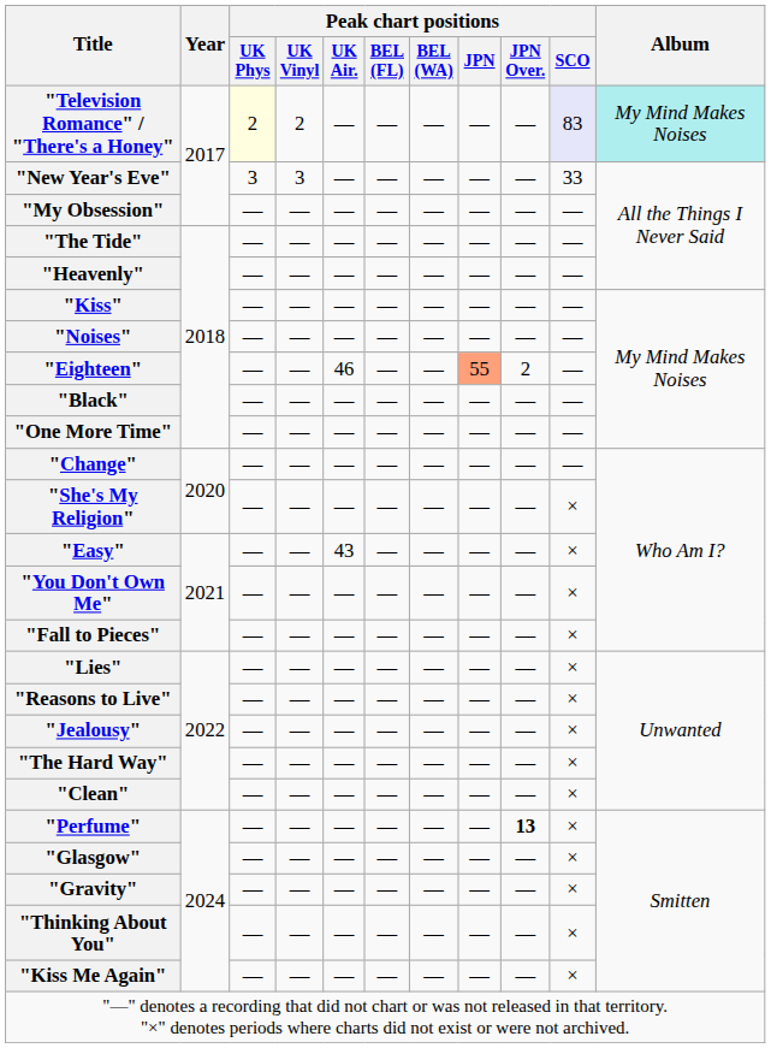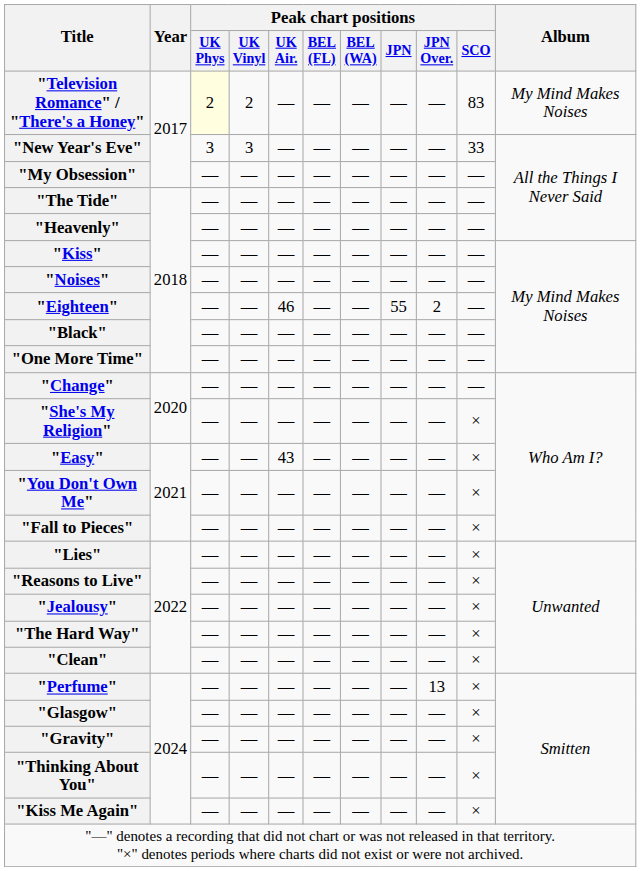 <table class="wikitable plainrowheaders" style="text-align:center">
 <tr>
 <th scope="col" rowspan="2" style="width:14em;">Title</th>
 <th scope="col" rowspan="2">Year</th>
 <th scope="col" colspan="8">Peak chart positions</th>
 <th scope="col" rowspan="2" style="width:15em;">Album</th>
 </tr>
 <tr>
 <th scope="col" style="width:2.5em;font-size:85%;"><a href='#'>UK<br>Phys</a><br></th>
 <th scope="col" style="width:2.5em;font-size:85%;"><a href='#'>UK<br>Vinyl</a><br></th>
 <th scope="col" style="width:2.5em;font-size:85%;"><a href='#'>UK<br>Air.</a><br></th>
 <th scope="col" style="width:2.5em;font-size:85%;"><a href='#'>BEL<br>(FL)</a><br></th>
 <th scope="col" style="width:2.5em;font-size:85%;"><a href='#'>BEL<br>(WA)</a><br></th>
 <th scope="col" style="width:2.5em;font-size:85%;"><a href='#'>JPN</a><br></th>
 <th scope="col" style="width:2.5em;font-size:85%;"><a href='#'>JPN<br>Over.</a><br></th>
 <th scope="col" style="width:2.5em;font-size:85%;"><a href='#'>SCO</a><br></th>
 </tr>
 <tr>
 <th scope="row">"<a href='#'>Television Romance</a>" / "<a href='#'>There's a Honey</a>"</th>
 <td rowspan="3">2017</td>
 <td style="background: lightyellow;">2</td>
 <td>2</td>
 <td>—</td>
 <td>—</td>
 <td>—</td>
 <td>—</td>
 <td>—</td>
-<td style="background: lavender;">83</td>
-<td rowspan="1" style="background: paleturquoise;"><em>My Mind Makes Noises</em></td>
+<td>83</td>
+<td rowspan="1"><em>My Mind Makes Noises</em></td>
 </tr>
 <tr>
 <th scope="row">"New Year's Eve"</th>
 <td>3</td>
 <td>3</td>
 <td>—</td>
 <td>—</td>
 <td>—</td>
 <td>—</td>
 <td>—</td>
 <td>33</td>
 <td rowspan="4"><em>All the Things I Never Said</em></td>
 </tr>
 <tr>
 <th scope="row">"My Obsession"</th>
 <td>—</td>
 <td>—</td>
 <td>—</td>
 <td>—</td>
 <td>—</td>
 <td>—</td>
 <td>—</td>
 <td>—</td>
 </tr>
 <tr>
 <th scope="row">"The Tide"</th>
 <td rowspan="7">2018</td>
 <td>—</td>
 <td>—</td>
 <td>—</td>
 <td>—</td>
 <td>—</td>
 <td>—</td>
 <td>—</td>
 <td>—</td>
 </tr>
 <tr>
 <th scope="row">"Heavenly"</th>
 <td>—</td>
 <td>—</td>
 <td>—</td>
 <td>—</td>
 <td>—</td>
 <td>—</td>
 <td>—</td>
 <td>—</td>
 </tr>
 <tr>
 <th scope="row">"<a href='#'>Kiss</a>"</th>
 <td>—</td>
 <td>—</td>
 <td>—</td>
 <td>—</td>
 <td>—</td>
 <td>—</td>
 <td>—</td>
 <td>—</td>
 <td rowspan="5"><em>My Mind Makes Noises</em></td>
 </tr>
 <tr>
 <th scope="row">"<a href='#'>Noises</a>"</th>
 <td>—</td>
 <td>—</td>
 <td>—</td>
 <td>—</td>
 <td>—</td>
 <td>—</td>
 <td>—</td>
 <td>—</td>
 </tr>
 <tr>
 <th scope="row">"<a href='#'>Eighteen</a>"</th>
 <td>—</td>
 <td>—</td>
 <td>46</td>
 <td>—</td>
 <td>—</td>
-<td style="background: lightsalmon;">55</td>
+<td>55</td>
 <td>2</td>
 <td>—</td>
 </tr>
 <tr>
 <th scope="row">"Black"</th>
 <td>—</td>
 <td>—</td>
 <td>—</td>
 <td>—</td>
 <td>—</td>
 <td>—</td>
 <td>—</td>
 <td>—</td>
 </tr>
 <tr>
 <th scope="row">"One More Time"</th>
 <td>—</td>
 <td>—</td>
 <td>—</td>
 <td>—</td>
 <td>—</td>
 <td>—</td>
 <td>—</td>
 <td>—</td>
 </tr>
 <tr>
 <th scope="row">"<a href='#'>Change</a>"</th>
 <td rowspan="2">2020</td>
 <td>—</td>
 <td>—</td>
 <td>—</td>
 <td>—</td>
 <td>—</td>
 <td>—</td>
 <td>—</td>
 <td>—</td>
 <td rowspan="5"><em>Who Am I?</em></td>
 </tr>
 <tr>
 <th scope="row">"<a href='#'>She's My Religion</a>"</th>
 <td>—</td>
 <td>—</td>
 <td>—</td>
 <td>—</td>
 <td>—</td>
 <td>—</td>
 <td>—</td>
 <td>×</td>
 </tr>
 <tr>
 <th scope="row">"<a href='#'>Easy</a>"</th>
 <td rowspan="3">2021</td>
 <td>—</td>
 <td>—</td>
 <td>43</td>
 <td>—</td>
 <td>—</td>
 <td>—</td>
 <td>—</td>
 <td>×</td>
 </tr>
 <tr>
 <th scope="row">"<a href='#'>You Don't Own Me</a>"</th>
 <td>—</td>
 <td>—</td>
 <td>—</td>
 <td>—</td>
 <td>—</td>
 <td>—</td>
 <td>—</td>
 <td>×</td>
 </tr>
 <tr>
 <th scope="row">"Fall to Pieces"</th>
 <td>—</td>
 <td>—</td>
 <td>—</td>
 <td>—</td>
 <td>—</td>
 <td>—</td>
 <td>—</td>
 <td>×</td>
 </tr>
 <tr>
 <th scope="row">"Lies"</th>
 <td rowspan="5">2022</td>
 <td>—</td>
 <td>—</td>
 <td>—</td>
 <td>—</td>
 <td>—</td>
 <td>—</td>
 <td>—</td>
 <td>×</td>
 <td rowspan="5"><em>Unwanted</em></td>
 </tr>
 <tr>
 <th scope="row">"Reasons to Live"</th>
 <td>—</td>
 <td>—</td>
 <td>—</td>
 <td>—</td>
 <td>—</td>
 <td>—</td>
 <td>—</td>
 <td>×</td>
 </tr>
 <tr>
 <th scope="row">"<a href='#'>Jealousy</a>"</th>
 <td>—</td>
 <td>—</td>
 <td>—</td>
 <td>—</td>
 <td>—</td>
 <td>—</td>
 <td>—</td>
 <td>×</td>
 </tr>
 <tr>
 <th scope="row">"The Hard Way"</th>
 <td>—</td>
 <td>—</td>
 <td>—</td>
 <td>—</td>
 <td>—</td>
 <td>—</td>
 <td>—</td>
 <td>×</td>
 </tr>
 <tr>
 <th scope="row">"Clean"</th>
 <td>—</td>
 <td>—</td>
 <td>—</td>
 <td>—</td>
 <td>—</td>
 <td>—</td>
 <td>—</td>
 <td>×</td>
 </tr>
 <tr>
 <th scope="row">"<a href='#'>Perfume</a>"</th>
 <td rowspan="5">2024</td>
 <td>—</td>
 <td>—</td>
 <td>—</td>
 <td>—</td>
 <td>—</td>
 <td>—</td>
-<td><strong>13</strong></td>
+<td>13</td>
 <td>×</td>
 <td rowspan="5"><em>Smitten</em></td>
 </tr>
 <tr>
 <th scope="row">"Glasgow"</th>
 <td>—</td>
 <td>—</td>
 <td>—</td>
 <td>—</td>
 <td>—</td>
 <td>—</td>
 <td>—</td>
 <td>×</td>
 </tr>
 <tr>
 <th scope="row">"Gravity"</th>
 <td>—</td>
 <td>—</td>
 <td>—</td>
 <td>—</td>
 <td>—</td>
 <td>—</td>
 <td>—</td>
 <td>×</td>
 </tr>
 <tr>
 <th scope="row">"Thinking About You"</th>
 <td>—</td>
 <td>—</td>
 <td>—</td>
 <td>—</td>
 <td>—</td>
 <td>—</td>
 <td>—</td>
 <td>×</td>
 </tr>
 <tr>
 <th scope="row">"Kiss Me Again"</th>
 <td>—</td>
 <td>—</td>
 <td>—</td>
 <td>—</td>
 <td>—</td>
 <td>—</td>
 <td>—</td>
 <td>×</td>
 </tr>
 <tr>
 <td colspan="16" style="font-size:90%">"—" denotes a recording that did not chart or was not released in that territory.<br>"×" denotes periods where charts did not exist or were not archived.</td>
 </tr>
 </table>
